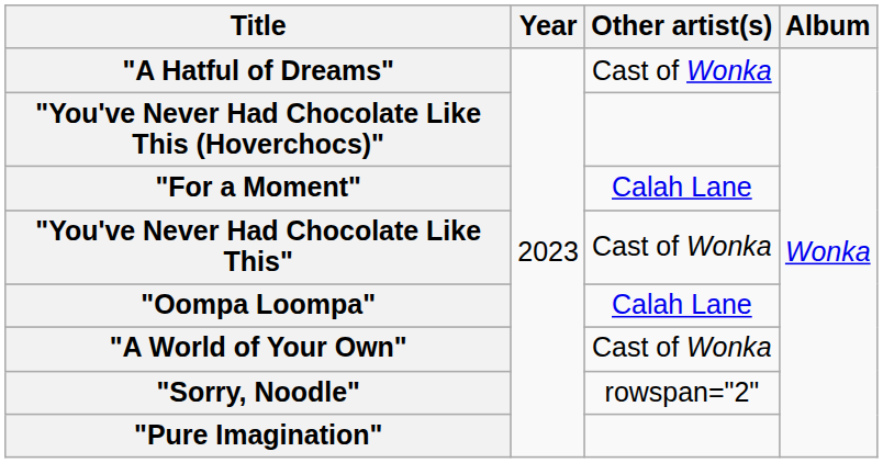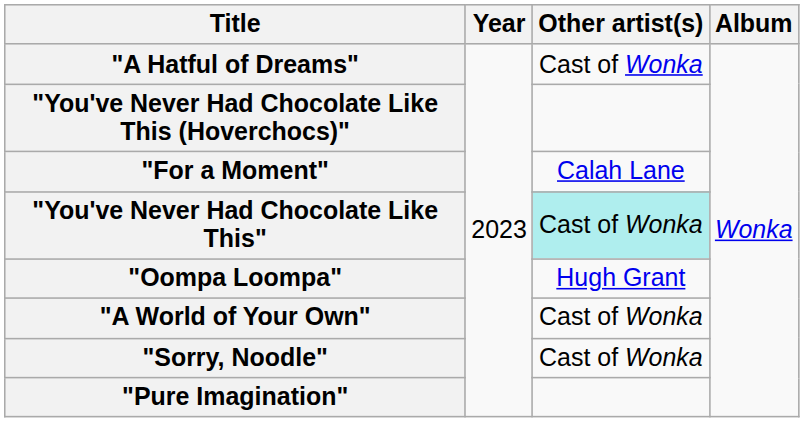 <table class="wikitable plainrowheaders" style="text-align:center;">
 <tr>
 <th scope="col" style="width:18em;">Title</th>
 <th scope="col">Year</th>
 <th scope="col">Other artist(s)</th>
 <th scope="col">Album</th>
 </tr>
 <tr>
 <th scope="row">"A Hatful of Dreams"</th>
 <td rowspan="8">2023</td>
 <td>Cast of <em><a href='#'>Wonka</a></em></td>
 <td rowspan="8"><em><a href='#'>Wonka</a></em></td>
 </tr>
 <tr>
 <th scope="row">"You've Never Had Chocolate Like This (Hoverchocs)"</th>
 <td></td>
 </tr>
 <tr>
 <th scope="row">"For a Moment"</th>
 <td><a href='#'>Calah Lane</a></td>
 </tr>
 <tr>
 <th scope="row">"You've Never Had Chocolate Like This"</th>
-<td>Cast of <em>Wonka</em></td>
+<td style="background: paleturquoise;">Cast of <em>Wonka</em></td>
 </tr>
 <tr>
 <th scope="row">"Oompa Loompa"</th>
-<td><a href='#'>Calah Lane</a></td>
+<td><a href='#'>Hugh Grant</a></td>
 </tr>
 <tr>
 <th scope="row">"A World of Your Own"</th>
 <td>Cast of <em>Wonka</em></td>
 </tr>
 <tr>
 <th scope="row">"Sorry, Noodle"</th>
-<td>rowspan="2" </td>
+<td>Cast of <em>Wonka</em></td>
 </tr>
 <tr>
 <th scope="row">"Pure Imagination"</th>
 </tr>
 </table>
